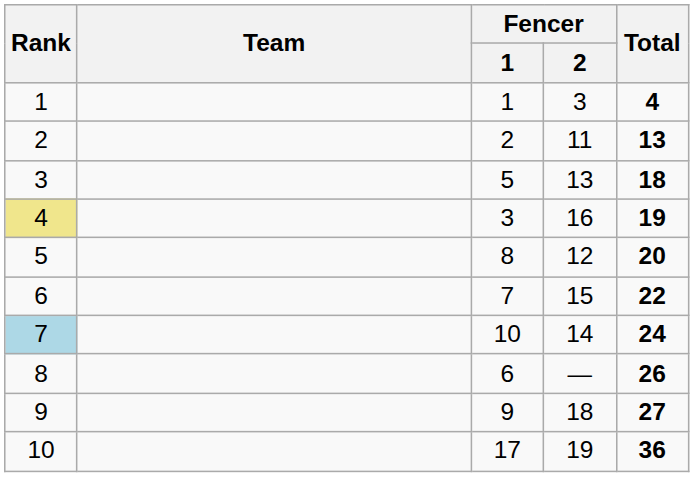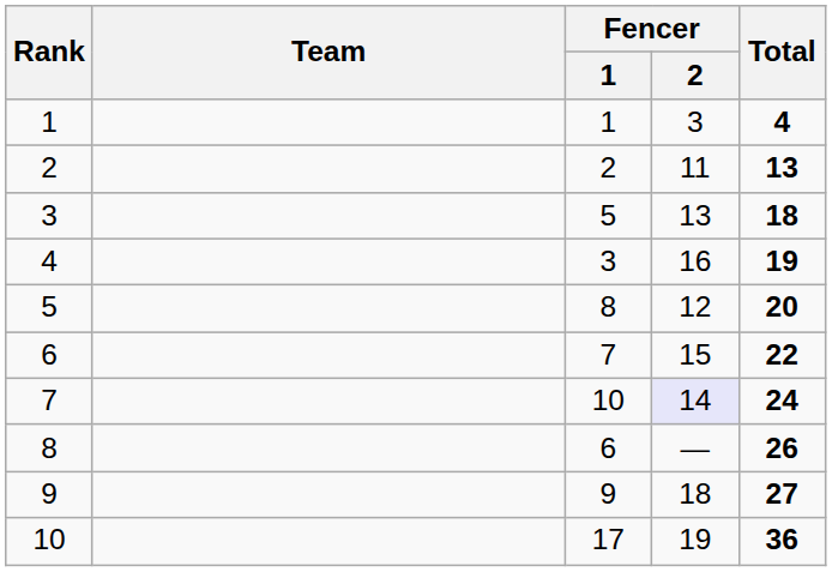 <table class=wikitable style="text-align:center">
 <tr>
 <th rowspan=2 width=40>Rank</th>
 <th rowspan=2 width=250>Team</th>
 <th colspan=2>Fencer</th>
 <th rowspan=2 width=40>Total</th>
 </tr>
 <tr>
 <th width=40>1</th>
 <th width=40>2</th>
 </tr>
 <tr>
 <td>1</td>
 <td align=left></td>
 <td>1</td>
 <td>3</td>
 <td><strong>4</strong></td>
 </tr>
 <tr>
 <td>2</td>
 <td align=left></td>
 <td>2</td>
 <td>11</td>
 <td><strong>13</strong></td>
 </tr>
 <tr>
 <td>3</td>
 <td align=left></td>
 <td>5</td>
 <td>13</td>
 <td><strong>18</strong></td>
 </tr>
 <tr>
-<td style="background: khaki;">4</td>
+<td>4</td>
 <td align=left></td>
 <td>3</td>
 <td>16</td>
 <td><strong>19</strong></td>
 </tr>
 <tr>
 <td>5</td>
 <td align=left></td>
 <td>8</td>
 <td>12</td>
 <td><strong>20</strong></td>
 </tr>
 <tr>
 <td>6</td>
 <td align=left></td>
 <td>7</td>
 <td>15</td>
 <td><strong>22</strong></td>
 </tr>
 <tr>
-<td style="background: lightblue;">7</td>
+<td>7</td>
 <td align=left></td>
 <td>10</td>
-<td>14</td>
+<td style="background: lavender;">14</td>
 <td><strong>24</strong></td>
 </tr>
 <tr>
 <td>8</td>
 <td align=left></td>
 <td>6</td>
 <td>—</td>
 <td><strong>26</strong></td>
 </tr>
 <tr>
 <td>9</td>
 <td align=left></td>
 <td>9</td>
 <td>18</td>
 <td><strong>27</strong></td>
 </tr>
 <tr>
 <td>10</td>
 <td align=left></td>
 <td>17</td>
 <td>19</td>
 <td><strong>36</strong></td>
 </tr>
 </table>
